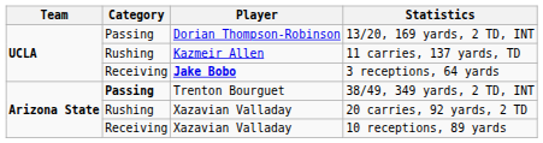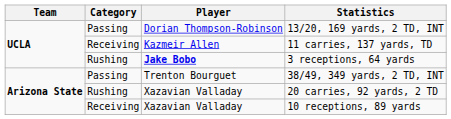 <table class="wikitable" style="float: right;">
 <tr>
 <th>Team</th>
 <th>Category</th>
 <th>Player</th>
 <th>Statistics</th>
 </tr>
 <tr>
 <td rowspan=3><strong>UCLA</strong></td>
 <td>Passing</td>
 <td><a href='#'>Dorian Thompson-Robinson</a></td>
 <td>13/20, 169 yards, 2 TD, INT</td>
 </tr>
 <tr>
-<td>Rushing</td>
+<td>Receiving</td>
 <td><a href='#'>Kazmeir Allen</a></td>
 <td>11 carries, 137 yards, TD</td>
 </tr>
 <tr>
-<td>Receiving</td>
+<td>Rushing</td>
 <td><strong><a href='#'>Jake Bobo</a></strong></td>
 <td>3 receptions, 64 yards</td>
 </tr>
 <tr>
 <td rowspan=3><strong>Arizona State</strong></td>
-<td><strong>Passing</strong></td>
+<td>Passing</td>
 <td>Trenton Bourguet</td>
 <td>38/49, 349 yards, 2 TD, INT</td>
 </tr>
 <tr>
 <td>Rushing</td>
 <td>Xazavian Valladay</td>
 <td>20 carries, 92 yards, 2 TD</td>
 </tr>
 <tr>
 <td>Receiving</td>
 <td>Xazavian Valladay</td>
 <td>10 receptions, 89 yards</td>
 </tr>
 </table>
